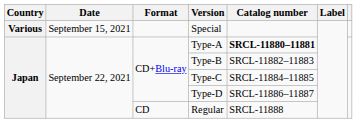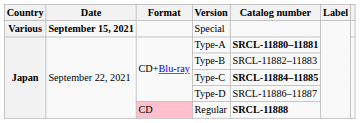 <table class="wikitable plainrowheaders">
 <tr>
 <th scope="col">Country</th>
 <th>Date</th>
 <th>Format</th>
 <th>Version</th>
 <th>Catalog number</th>
 <th>Label</th>
 <th></th>
 </tr>
 <tr>
 <th scope="row">Various</th>
-<td>September 15, 2021</td>
+<td><strong>September 15, 2021</strong></td>
 <td></td>
 <td>Special</td>
 <td></td>
 <td rowspan=6><a href='#'></a></td>
 <td style="text-align:center"></td>
 </tr>
 <tr>
 <th scope="row" rowspan=5>Japan</th>
 <td rowspan=5>September 22, 2021</td>
 <td rowspan=4>CD+<a href='#'>Blu-ray</a></td>
 <td>Type-A</td>
 <td><strong>SRCL-11880–11881</strong></td>
 <td rowspan=5 style="text-align:center"></td>
 </tr>
 <tr>
 <td>Type-B</td>
 <td>SRCL-11882–11883</td>
 </tr>
 <tr>
 <td>Type-C</td>
-<td>SRCL-11884–11885</td>
+<td><strong>SRCL-11884–11885</strong></td>
 </tr>
 <tr>
 <td>Type-D</td>
 <td>SRCL-11886–11887</td>
 </tr>
 <tr>
-<td>CD</td>
+<td style="background: pink;">CD</td>
 <td>Regular</td>
-<td>SRCL-11888</td>
+<td><strong>SRCL-11888</strong></td>
 </tr>
 </table>
